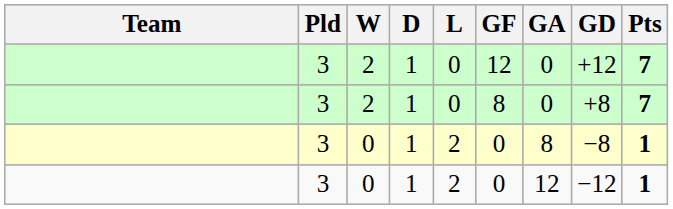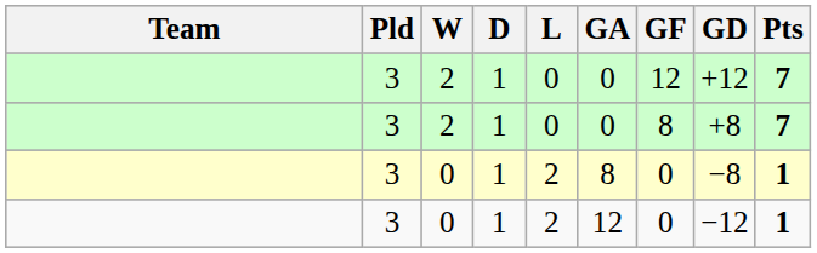 <table class="wikitable" style="text-align:center;">
 <tr>
 <th width=180>Team</th>
 <th width=20>Pld</th>
 <th width=20>W</th>
 <th width=20>D</th>
 <th width=20>L</th>
+<th width=20>GA</th>
 <th width=20>GF</th>
-<th width=20>GA</th>
 <th width=20>GD</th>
 <th width=20>Pts</th>
 </tr>
 <tr align=center style="background:#ccffcc;">
 <td style="text-align:left;"></td>
 <td>3</td>
 <td>2</td>
 <td>1</td>
 <td>0</td>
+<td>0</td>
 <td>12</td>
-<td>0</td>
 <td>+12</td>
 <td><strong>7</strong></td>
 </tr>
 <tr align=center style="background:#ccffcc;">
 <td style="text-align:left;"></td>
 <td>3</td>
 <td>2</td>
 <td>1</td>
 <td>0</td>
+<td>0</td>
 <td>8</td>
-<td>0</td>
 <td>+8</td>
 <td><strong>7</strong></td>
 </tr>
 <tr align=center style="background:#ffffcc;">
 <td style="text-align:left;"></td>
 <td>3</td>
 <td>0</td>
 <td>1</td>
 <td>2</td>
+<td>8</td>
 <td>0</td>
-<td>8</td>
 <td>−8</td>
 <td><strong>1</strong></td>
 </tr>
 <tr align=center>
 <td style="text-align:left;"></td>
 <td>3</td>
 <td>0</td>
 <td>1</td>
 <td>2</td>
+<td>12</td>
 <td>0</td>
-<td>12</td>
 <td>−12</td>
 <td><strong>1</strong></td>
 </tr>
 </table>
